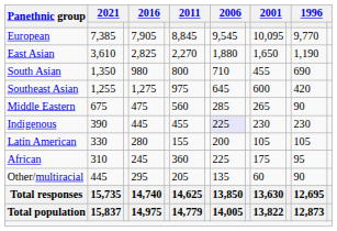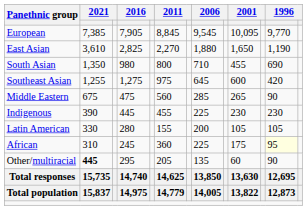 <table class="wikitable collapsible sortable">
 <tr>
 <th rowspan="2"><a href='#'>Panethnic</a> group</th>
 <th colspan="2"><a href='#'>2021</a></th>
 <th colspan="2"><a href='#'>2016</a></th>
 <th colspan="2"><a href='#'>2011</a></th>
 <th colspan="2"><a href='#'>2006</a></th>
 <th colspan="2"><a href='#'>2001</a></th>
 <th colspan="2"><a href='#'>1996</a></th>
 </tr>
 <tr>
 <th><a href='#'></a></th>
 <th></th>
 <th></th>
 <th></th>
 <th></th>
 <th></th>
 <th></th>
 <th></th>
 <th></th>
 <th></th>
 <th></th>
 <th></th>
 </tr>
 <tr>
 <td><a href='#'>European</a></td>
 <td>7,385</td>
 <td></td>
 <td>7,905</td>
 <td></td>
 <td>8,845</td>
 <td></td>
 <td>9,545</td>
 <td></td>
 <td>10,095</td>
 <td></td>
 <td>9,770</td>
 <td></td>
 </tr>
 <tr>
 <td><a href='#'>East Asian</a></td>
 <td>3,610</td>
 <td></td>
 <td>2,825</td>
 <td></td>
 <td>2,270</td>
 <td></td>
 <td>1,880</td>
 <td></td>
 <td>1,650</td>
 <td></td>
 <td>1,190</td>
 <td></td>
 </tr>
 <tr>
 <td><a href='#'>South Asian</a></td>
 <td>1,350</td>
 <td></td>
 <td>980</td>
 <td></td>
 <td>800</td>
 <td></td>
 <td>710</td>
 <td></td>
 <td>455</td>
 <td></td>
 <td>690</td>
 <td></td>
 </tr>
 <tr>
 <td><a href='#'>Southeast Asian</a></td>
 <td>1,255</td>
 <td></td>
 <td>1,275</td>
 <td></td>
 <td>975</td>
 <td></td>
 <td>645</td>
 <td></td>
 <td>600</td>
 <td></td>
 <td>420</td>
 <td></td>
 </tr>
 <tr>
 <td><a href='#'>Middle Eastern</a></td>
 <td>675</td>
 <td></td>
 <td>475</td>
 <td></td>
 <td>560</td>
 <td></td>
 <td>285</td>
 <td></td>
 <td>265</td>
 <td></td>
 <td>90</td>
 <td></td>
 </tr>
 <tr>
 <td><a href='#'>Indigenous</a></td>
 <td>390</td>
 <td></td>
 <td>445</td>
 <td></td>
 <td>455</td>
 <td></td>
-<td style="background: lavender;">225</td>
+<td>225</td>
 <td></td>
 <td>230</td>
 <td></td>
 <td>230</td>
 <td></td>
 </tr>
 <tr>
 <td><a href='#'>Latin American</a></td>
 <td>330</td>
 <td></td>
 <td>280</td>
 <td></td>
 <td>155</td>
 <td></td>
 <td>200</td>
 <td></td>
 <td>105</td>
 <td></td>
 <td>105</td>
 <td></td>
 </tr>
 <tr>
 <td><a href='#'>African</a></td>
 <td>310</td>
 <td></td>
 <td>245</td>
 <td></td>
 <td>360</td>
 <td></td>
 <td>225</td>
 <td></td>
 <td>175</td>
 <td></td>
-<td>95</td>
+<td style="background: lightyellow;">95</td>
 <td></td>
 </tr>
 <tr>
 <td>Other/<a href='#'>multiracial</a></td>
-<td>445</td>
+<td><strong>445</strong></td>
 <td></td>
 <td>295</td>
 <td></td>
 <td>205</td>
 <td></td>
 <td>135</td>
 <td></td>
 <td>60</td>
 <td></td>
 <td>90</td>
 <td></td>
 </tr>
 <tr>
 <th>Total responses</th>
 <th>15,735</th>
 <th></th>
 <th>14,740</th>
 <th></th>
 <th>14,625</th>
 <th></th>
 <th>13,850</th>
 <th></th>
 <th>13,630</th>
 <th></th>
 <th>12,695</th>
 <th></th>
 </tr>
 <tr>
 <th>Total population</th>
 <th>15,837</th>
 <th></th>
 <th>14,975</th>
 <th></th>
 <th>14,779</th>
 <th></th>
 <th>14,005</th>
 <th></th>
 <th>13,822</th>
 <th></th>
 <th>12,873</th>
 <th></th>
 </tr>
 <tr class="sortbottom">
 <td colspan="15"></td>
 </tr>
 </table>
